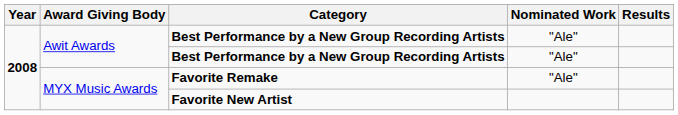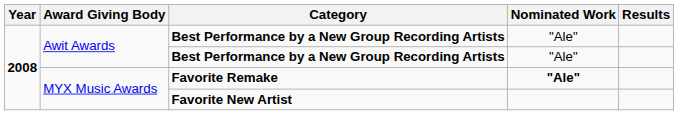 <table class="wikitable">
 <tr>
 <th>Year</th>
 <th>Award Giving Body</th>
 <th>Category</th>
 <th>Nominated Work</th>
 <th>Results</th>
 </tr>
 <tr>
 <td rowspan=4><strong>2008</strong></td>
 <td rowspan=2><a href='#'>Awit Awards</a></td>
 <td><strong>Best Performance by a New Group Recording Artists</strong> </td>
 <td align=center>"Ale"</td>
 <td></td>
 </tr>
 <tr>
 <td><strong>Best Performance by a New Group Recording Artists</strong> </td>
 <td align=center>"Ale"</td>
 <td></td>
 </tr>
 <tr>
 <td rowspan=2><a href='#'>MYX Music Awards</a></td>
 <td><strong>Favorite Remake</strong></td>
-<td align=center>"Ale"</td>
+<td align=center><strong>"Ale"</strong></td>
 <td></td>
 </tr>
 <tr>
 <td><strong>Favorite New Artist</strong></td>
 <td></td>
 <td></td>
 </tr>
 </table>
